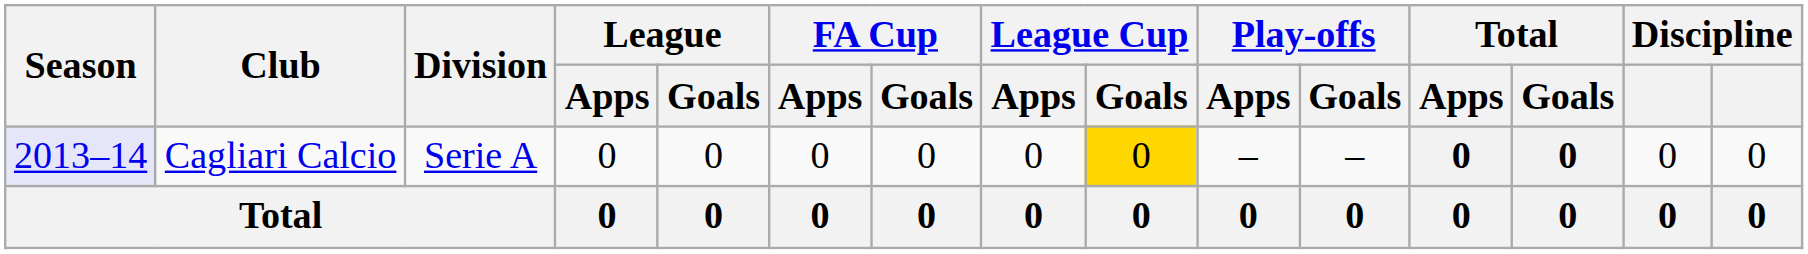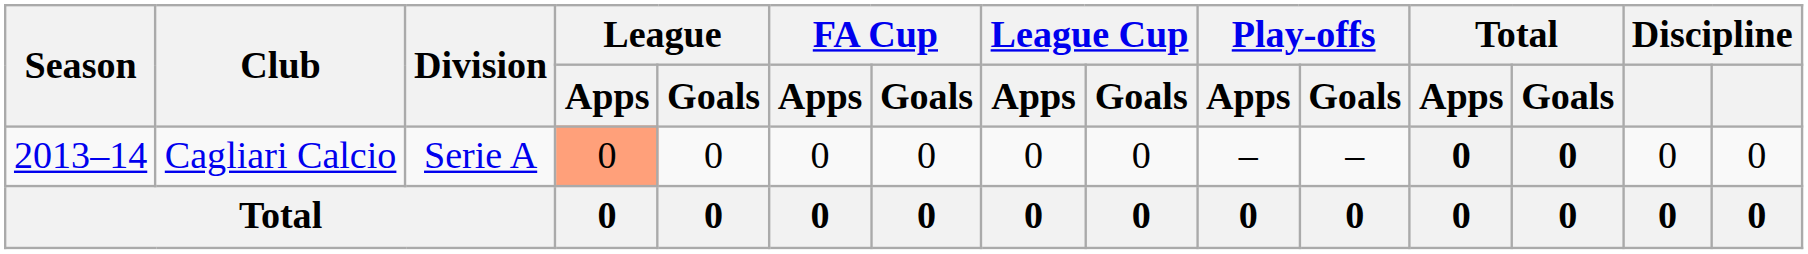 <table class="wikitable" style="text-align: center;">
 <tr>
 <th rowspan="2">Season</th>
 <th rowspan="2">Club</th>
 <th rowspan="2">Division</th>
 <th colspan="2">League</th>
 <th colspan="2"><a href='#'>FA Cup</a></th>
 <th colspan="2"><a href='#'>League Cup</a></th>
 <th colspan="2"><a href='#'>Play-offs</a></th>
 <th colspan="2">Total</th>
 <th colspan="2">Discipline</th>
 </tr>
 <tr>
 <th>Apps</th>
 <th>Goals</th>
 <th>Apps</th>
 <th>Goals</th>
 <th>Apps</th>
 <th>Goals</th>
 <th>Apps</th>
 <th>Goals</th>
 <th>Apps</th>
 <th>Goals</th>
 <th></th>
 <th></th>
 </tr>
 <tr>
-<td style="background: lavender;"><a href='#'>2013–14</a></td>
+<td><a href='#'>2013–14</a></td>
 <td><a href='#'>Cagliari Calcio</a></td>
 <td rowspan=1><a href='#'>Serie A</a></td>
+<td style="background: lightsalmon;">0</td>
 <td>0</td>
 <td>0</td>
 <td>0</td>
 <td>0</td>
 <td>0</td>
-<td style="background: gold;">0</td>
 <td>–</td>
 <td>–</td>
 <th>0</th>
 <th>0</th>
 <td>0</td>
 <td>0</td>
 </tr>
 <tr>
 <th colspan=3>Total</th>
 <th>0</th>
 <th>0</th>
 <th>0</th>
 <th>0</th>
 <th>0</th>
 <th>0</th>
 <th>0</th>
 <th>0</th>
 <th>0</th>
 <th>0</th>
 <th>0</th>
 <th>0</th>
 </tr>
 </table>
